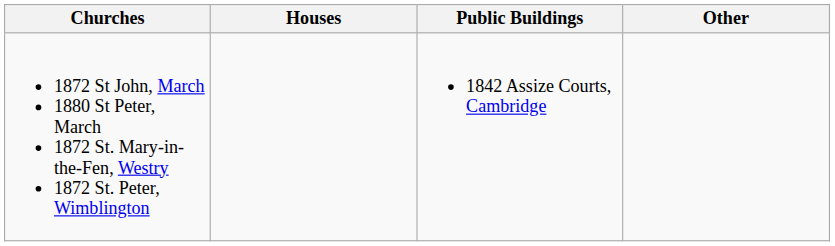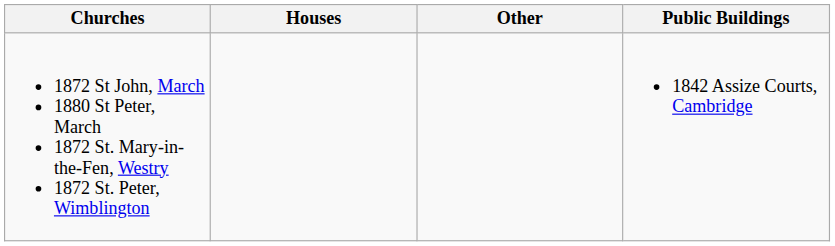 <table class="wikitable">
 <tr>
 <th width="175">Churches</th>
 <th width="175">Houses</th>
+<th width="175">Other</th>
 <th width="175">Public Buildings</th>
-<th width="175">Other</th>
 </tr>
 <tr valign="top">
 <td><br><ul><li>1872 St John, <a href='#'>March</a></li><li>1880 St Peter, March</li><li>1872 St. Mary-in-the-Fen, <a href='#'>Westry</a></li><li>1872 St. Peter, <a href='#'>Wimblington</a></li></ul></td>
 <td></td>
+<td></td>
 <td><br><ul><li>1842 Assize Courts, <a href='#'>Cambridge</a></li></ul></td>
-<td></td>
 </tr>
 </table>
